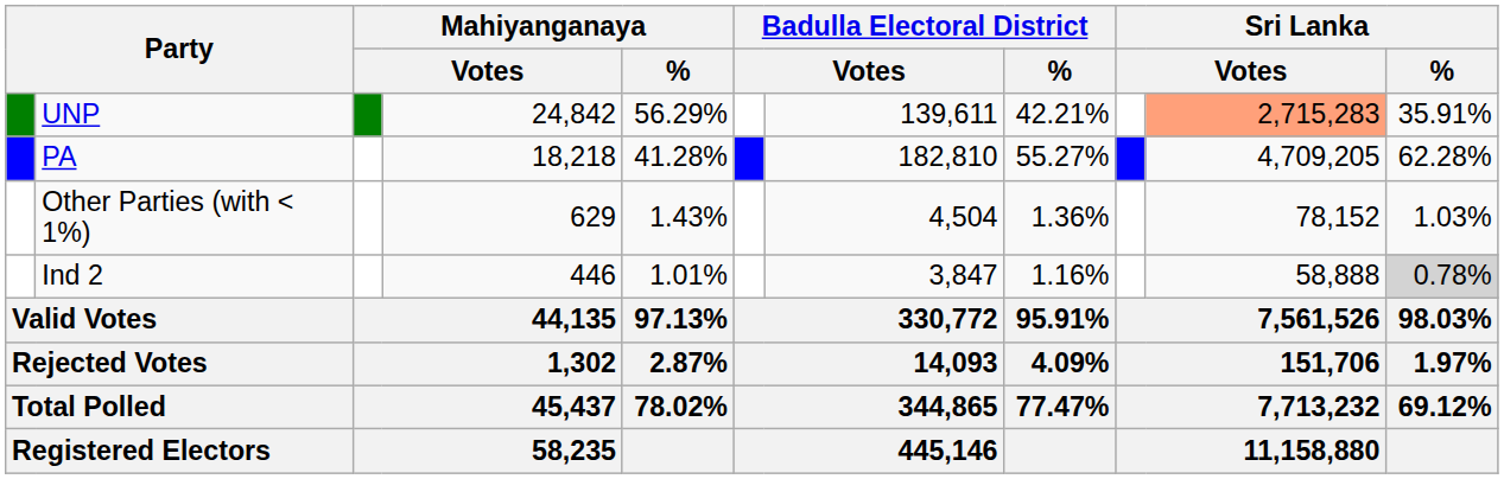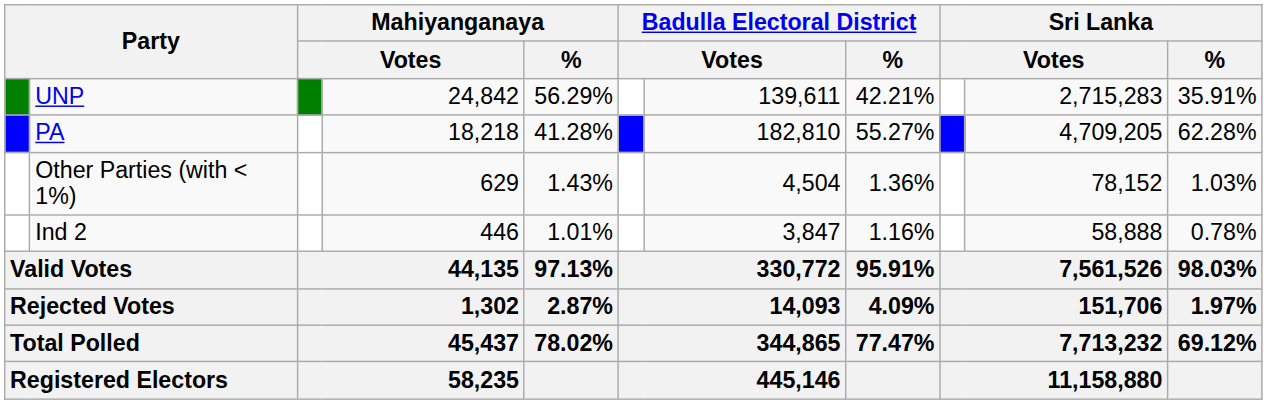 <table class="wikitable">
 <tr>
 <th colspan="2" width="144px"rowspan="2">Party</th>
 <th colspan="3" width="216px">Mahiyanganaya</th>
 <th colspan="3" width="216px"><a href='#'>Badulla Electoral District</a></th>
 <th colspan="3" width="216px">Sri Lanka</th>
 </tr>
 <tr>
 <th colspan="2" width="144px">Votes</th>
 <th>%</th>
 <th colspan="2" width="144px">Votes</th>
 <th>%</th>
 <th colspan="2" width="144px">Votes</th>
 <th>%</th>
 </tr>
 <tr>
 <td style="background-color:green;" width="10px"></td>
 <td style="text-align:left;"><a href='#'>UNP</a></td>
 <td style="background-color:green;" width="10px"></td>
 <td style="text-align:right;">24,842</td>
 <td style="text-align:right;">56.29%</td>
 <td style="background-color:white;" width="10px"></td>
 <td style="text-align:right;">139,611</td>
 <td style="text-align:right;">42.21%</td>
 <td style="background-color:white;" width="10px"></td>
-<td style="background: lightsalmon; text-align:right;">2,715,283</td>
+<td style="text-align:right;">2,715,283</td>
 <td style="text-align:right;">35.91%</td>
 </tr>
 <tr>
 <td style="background-color:blue;" width="10px"></td>
 <td style="text-align:left;"><a href='#'>PA</a></td>
 <td style="background-color:white;" width="10px"></td>
 <td style="text-align:right;">18,218</td>
 <td style="text-align:right;">41.28%</td>
 <td style="background-color:blue;" width="10px"></td>
 <td style="text-align:right;">182,810</td>
 <td style="text-align:right;">55.27%</td>
 <td style="background-color:blue;" width="10px"></td>
 <td style="text-align:right;">4,709,205</td>
 <td style="text-align:right;">62.28%</td>
 </tr>
 <tr>
 <td style="background-color:white;" width="10px"></td>
 <td style="text-align:left;">Other Parties (with < 1%)</td>
 <td style="background-color:white;" width="10px"></td>
 <td style="text-align:right;">629</td>
 <td style="text-align:right;">1.43%</td>
 <td style="background-color:white;" width="10px"></td>
 <td style="text-align:right;">4,504</td>
 <td style="text-align:right;">1.36%</td>
 <td style="background-color:white;" width="10px"></td>
 <td style="text-align:right;">78,152</td>
 <td style="text-align:right;">1.03%</td>
 </tr>
 <tr>
 <td style="background-color:white;" width="10px"></td>
 <td style="text-align:left;">Ind 2</td>
 <td style="background-color:white;" width="10px"></td>
 <td style="text-align:right;">446</td>
 <td style="text-align:right;">1.01%</td>
 <td style="background-color:white;" width="10px"></td>
 <td style="text-align:right;">3,847</td>
 <td style="text-align:right;">1.16%</td>
 <td style="background-color:white;" width="10px"></td>
 <td style="text-align:right;">58,888</td>
-<td style="background: lightgrey; text-align:right;">0.78%</td>
+<td style="text-align:right;">0.78%</td>
 </tr>
 <tr>
 <th colspan="2" width="144px"style="text-align:left;">Valid Votes</th>
 <th style="text-align:right;"colspan="2" width="144px">44,135</th>
 <th style="text-align:right;">97.13%</th>
 <th style="text-align:right;"colspan="2" width="144px">330,772</th>
 <th style="text-align:right;">95.91%</th>
 <th style="text-align:right;"colspan="2" width="144px">7,561,526</th>
 <th style="text-align:right;">98.03%</th>
 </tr>
 <tr>
 <th colspan="2" width="144px"style="text-align:left;">Rejected Votes</th>
 <th style="text-align:right;"colspan="2" width="144px">1,302</th>
 <th style="text-align:right;">2.87%</th>
 <th style="text-align:right;"colspan="2" width="144px">14,093</th>
 <th style="text-align:right;">4.09%</th>
 <th style="text-align:right;"colspan="2" width="144px">151,706</th>
 <th style="text-align:right;">1.97%</th>
 </tr>
 <tr>
 <th colspan="2" width="144px"style="text-align:left;">Total Polled</th>
 <th style="text-align:right;"colspan="2" width="144px">45,437</th>
 <th style="text-align:right;">78.02%</th>
 <th style="text-align:right;"colspan="2" width="144px">344,865</th>
 <th style="text-align:right;">77.47%</th>
 <th style="text-align:right;"colspan="2" width="144px">7,713,232</th>
 <th style="text-align:right;">69.12%</th>
 </tr>
 <tr>
 <th colspan="2" width="144px"style="text-align:left;">Registered Electors</th>
 <th style="text-align:right;"colspan="2" width="144px">58,235</th>
 <th></th>
 <th style="text-align:right;"colspan="2" width="144px">445,146</th>
 <th></th>
 <th style="text-align:right;"colspan="2" width="144px">11,158,880</th>
 <th></th>
 </tr>
 </table>
